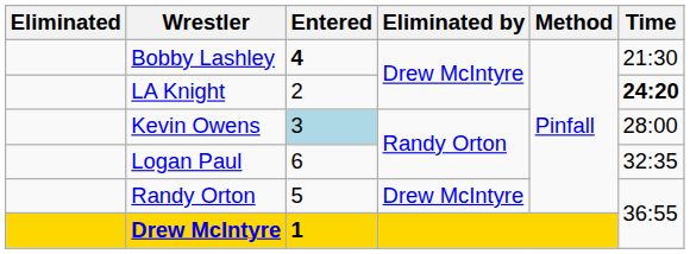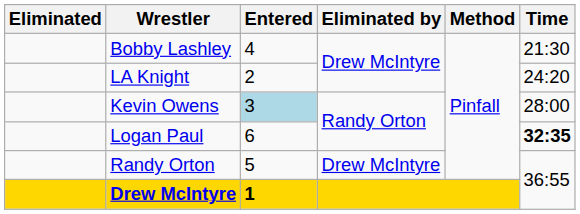 <table class="wikitable sortable">
 <tr>
 <th>Eliminated</th>
 <th>Wrestler</th>
 <th>Entered</th>
 <th>Eliminated by</th>
 <th>Method</th>
 <th>Time</th>
 </tr>
 <tr>
 <td></td>
 <td><a href='#'>Bobby Lashley</a></td>
-<td><strong>4</strong></td>
+<td>4</td>
 <td rowspan=2><a href='#'>Drew McIntyre</a></td>
 <td rowspan=5><a href='#'>Pinfall</a></td>
 <td>21:30</td>
 </tr>
 <tr>
 <td></td>
 <td><a href='#'>LA Knight</a></td>
 <td>2</td>
-<td><strong>24:20</strong></td>
+<td>24:20</td>
 </tr>
 <tr>
 <td></td>
 <td><a href='#'>Kevin Owens</a></td>
 <td style="background: lightblue;">3</td>
 <td rowspan=2><a href='#'>Randy Orton</a></td>
 <td>28:00</td>
 </tr>
 <tr>
 <td></td>
 <td><a href='#'>Logan Paul</a></td>
 <td>6</td>
-<td>32:35</td>
+<td><strong>32:35</strong></td>
 </tr>
 <tr>
 <td></td>
 <td><a href='#'>Randy Orton</a></td>
 <td>5</td>
 <td><a href='#'>Drew McIntyre</a></td>
 <td rowspan=2>36:55</td>
 </tr>
 <tr style="background: gold">
 <td></td>
 <td><strong><a href='#'>Drew McIntyre</a></strong></td>
 <td><strong>1</strong></td>
 <td colspan="2"></td>
 </tr>
 </table>
